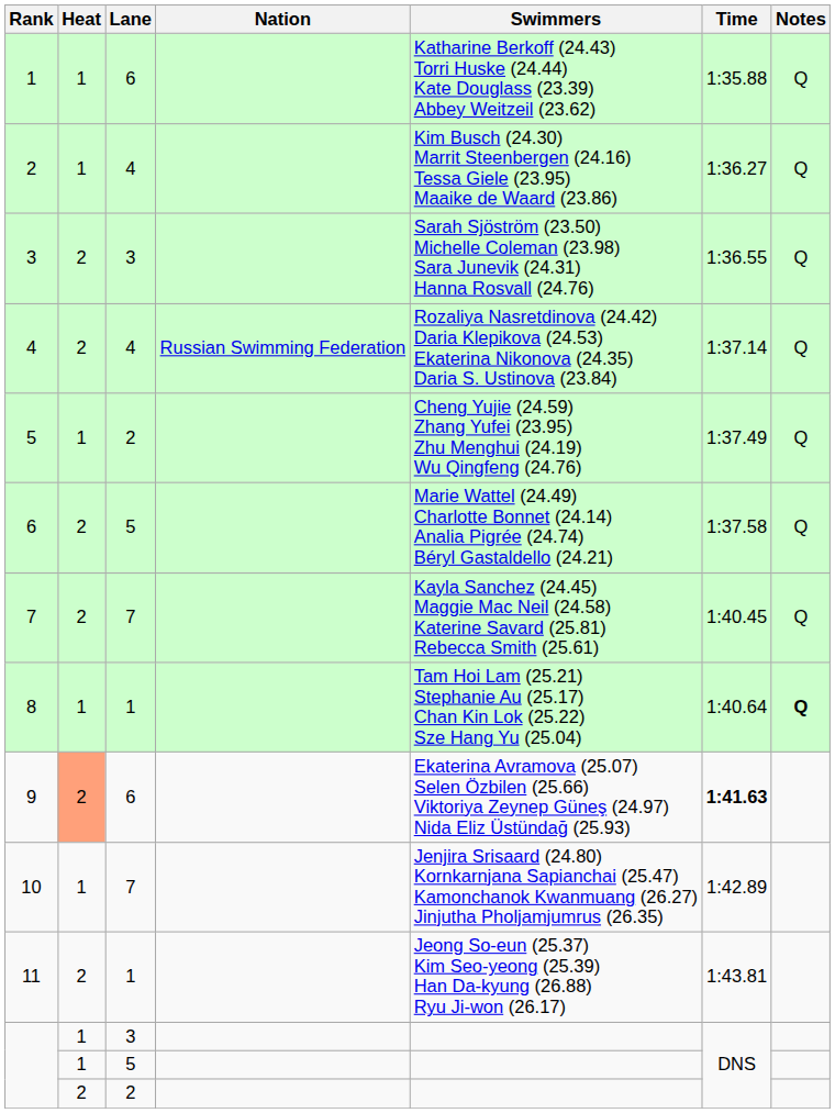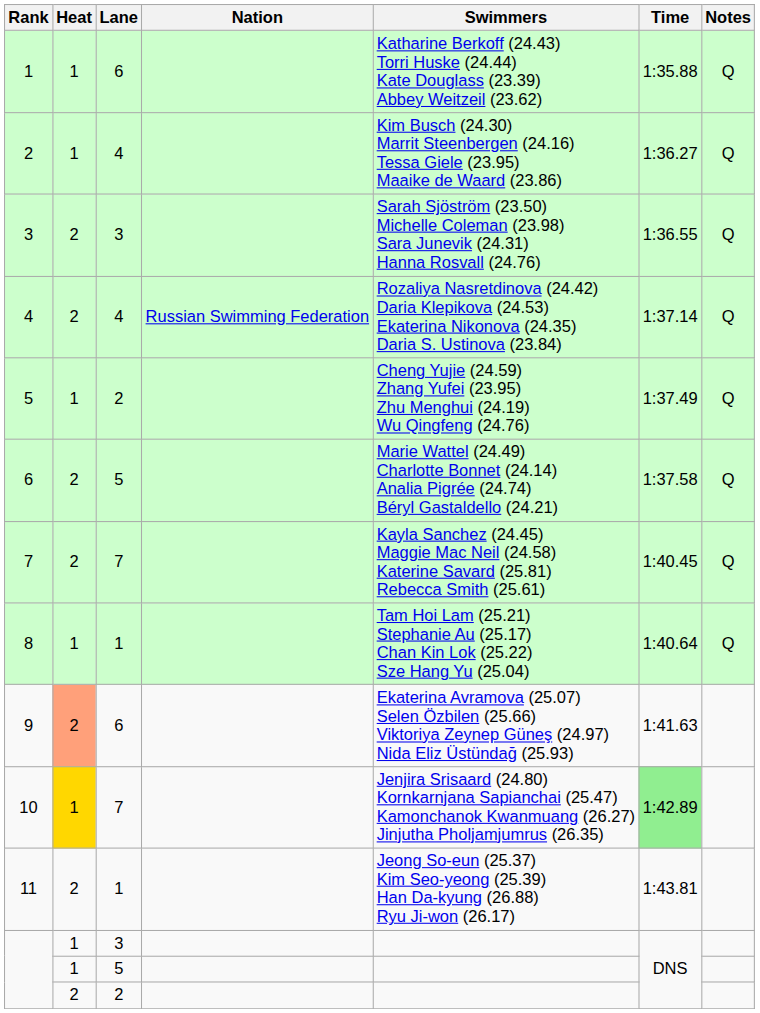 <table class="wikitable sortable" style="text-align:center">
 <tr>
 <th>Rank</th>
 <th>Heat</th>
 <th>Lane</th>
 <th>Nation</th>
 <th>Swimmers</th>
 <th>Time</th>
 <th>Notes</th>
 </tr>
 <tr bgcolor=ccffcc>
 <td>1</td>
 <td>1</td>
 <td>6</td>
 <td align=left></td>
 <td align=left><a href='#'>Katharine Berkoff</a> (24.43)<br><a href='#'>Torri Huske</a> (24.44)<br><a href='#'>Kate Douglass</a> (23.39)<br><a href='#'>Abbey Weitzeil</a> (23.62)</td>
 <td>1:35.88</td>
 <td>Q</td>
 </tr>
 <tr bgcolor=ccffcc>
 <td>2</td>
 <td>1</td>
 <td>4</td>
 <td align=left></td>
 <td align=left><a href='#'>Kim Busch</a> (24.30)<br><a href='#'>Marrit Steenbergen</a> (24.16)<br><a href='#'>Tessa Giele</a> (23.95)<br><a href='#'>Maaike de Waard</a> (23.86)</td>
 <td>1:36.27</td>
 <td>Q</td>
 </tr>
 <tr bgcolor=ccffcc>
 <td>3</td>
 <td>2</td>
 <td>3</td>
 <td align=left></td>
 <td align=left><a href='#'>Sarah Sjöström</a> (23.50)<br><a href='#'>Michelle Coleman</a> (23.98)<br><a href='#'>Sara Junevik</a> (24.31)<br><a href='#'>Hanna Rosvall</a> (24.76)</td>
 <td>1:36.55</td>
 <td>Q</td>
 </tr>
 <tr bgcolor=ccffcc>
 <td>4</td>
 <td>2</td>
 <td>4</td>
 <td align=left><a href='#'>Russian Swimming Federation</a></td>
 <td align=left><a href='#'>Rozaliya Nasretdinova</a> (24.42)<br><a href='#'>Daria Klepikova</a> (24.53)<br><a href='#'>Ekaterina Nikonova</a> (24.35)<br><a href='#'>Daria S. Ustinova</a> (23.84)</td>
 <td>1:37.14</td>
 <td>Q</td>
 </tr>
 <tr bgcolor=ccffcc>
 <td>5</td>
 <td>1</td>
 <td>2</td>
 <td align=left></td>
 <td align=left><a href='#'>Cheng Yujie</a> (24.59)<br><a href='#'>Zhang Yufei</a> (23.95)<br><a href='#'>Zhu Menghui</a> (24.19)<br><a href='#'>Wu Qingfeng</a> (24.76)</td>
 <td>1:37.49</td>
 <td>Q</td>
 </tr>
 <tr bgcolor=ccffcc>
 <td>6</td>
 <td>2</td>
 <td>5</td>
 <td align=left></td>
 <td align=left><a href='#'>Marie Wattel</a> (24.49)<br><a href='#'>Charlotte Bonnet</a> (24.14)<br><a href='#'>Analia Pigrée</a> (24.74)<br><a href='#'>Béryl Gastaldello</a> (24.21)</td>
 <td>1:37.58</td>
 <td>Q</td>
 </tr>
 <tr bgcolor=ccffcc>
 <td>7</td>
 <td>2</td>
 <td>7</td>
 <td align=left></td>
 <td align=left><a href='#'>Kayla Sanchez</a> (24.45)<br><a href='#'>Maggie Mac Neil</a> (24.58)<br><a href='#'>Katerine Savard</a> (25.81)<br><a href='#'>Rebecca Smith</a> (25.61)</td>
 <td>1:40.45</td>
 <td>Q</td>
 </tr>
 <tr bgcolor=ccffcc>
 <td>8</td>
 <td>1</td>
 <td>1</td>
 <td align=left></td>
 <td align=left><a href='#'>Tam Hoi Lam</a> (25.21)<br><a href='#'>Stephanie Au</a> (25.17)<br><a href='#'>Chan Kin Lok</a> (25.22)<br><a href='#'>Sze Hang Yu</a> (25.04)</td>
 <td>1:40.64</td>
-<td><strong>Q</strong></td>
+<td>Q</td>
 </tr>
 <tr>
 <td>9</td>
 <td style="background: lightsalmon;">2</td>
 <td>6</td>
 <td align=left></td>
 <td align=left><a href='#'>Ekaterina Avramova</a> (25.07)<br><a href='#'>Selen Özbilen</a> (25.66)<br><a href='#'>Viktoriya Zeynep Güneş</a> (24.97)<br><a href='#'>Nida Eliz Üstündağ</a> (25.93)</td>
-<td><strong>1:41.63</strong></td>
+<td>1:41.63</td>
 <td></td>
 </tr>
 <tr>
 <td>10</td>
-<td>1</td>
+<td style="background: gold;">1</td>
 <td>7</td>
 <td align=left></td>
 <td align=left><a href='#'>Jenjira Srisaard</a> (24.80)<br><a href='#'>Kornkarnjana Sapianchai</a> (25.47)<br><a href='#'>Kamonchanok Kwanmuang</a> (26.27)<br><a href='#'>Jinjutha Pholjamjumrus</a> (26.35)</td>
-<td>1:42.89</td>
+<td style="background: lightgreen;">1:42.89</td>
 <td></td>
 </tr>
 <tr>
 <td>11</td>
 <td>2</td>
 <td>1</td>
 <td align=left></td>
 <td align=left><a href='#'>Jeong So-eun</a> (25.37)<br><a href='#'>Kim Seo-yeong</a> (25.39)<br><a href='#'>Han Da-kyung</a> (26.88)<br><a href='#'>Ryu Ji-won</a> (26.17)</td>
 <td>1:43.81</td>
 <td></td>
 </tr>
 <tr>
 <td rowspan=3></td>
 <td>1</td>
 <td>3</td>
 <td align=left></td>
 <td align=left></td>
 <td rowspan=3>DNS</td>
 <td></td>
 </tr>
 <tr>
 <td>1</td>
 <td>5</td>
 <td align=left></td>
 <td align=left></td>
 <td></td>
 </tr>
 <tr>
 <td>2</td>
 <td>2</td>
 <td align=left></td>
 <td align=left></td>
 <td></td>
 </tr>
 </table>
